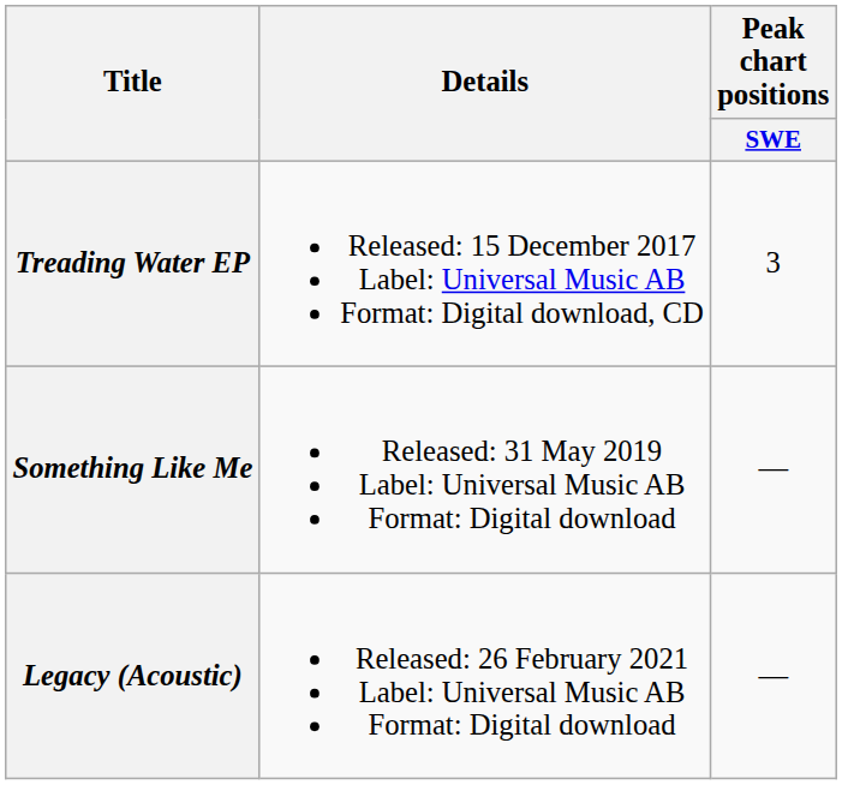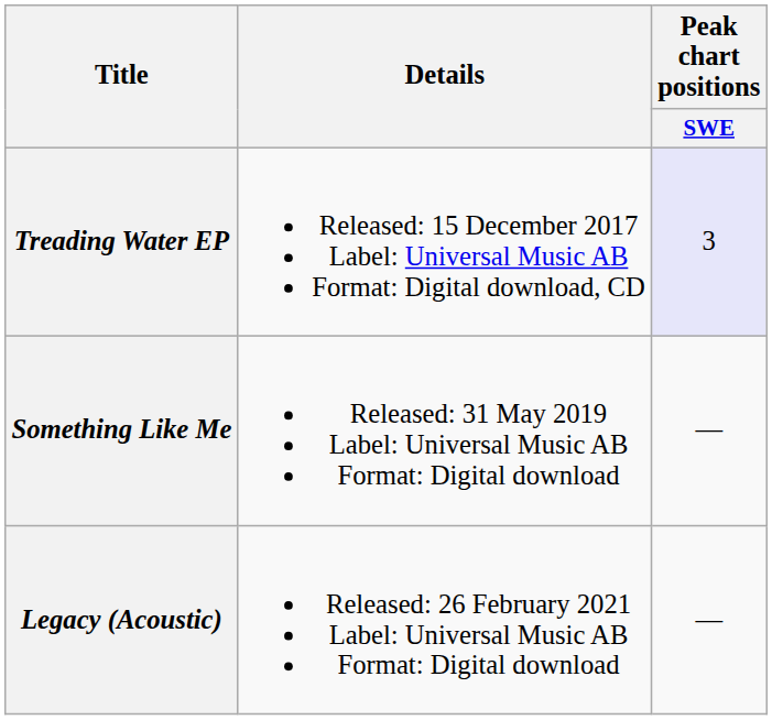 <table class="wikitable plainrowheaders" style="text-align:center;">
 <tr>
 <th scope="col" rowspan="2">Title</th>
 <th scope="col" rowspan="2">Details</th>
 <th scope="col" colspan="1">Peak chart positions</th>
 </tr>
 <tr>
 <th scope="col" style="width:3em;font-size:85%;"><a href='#'>SWE</a><br></th>
 </tr>
 <tr>
 <th scope="row"><em>Treading Water EP</em></th>
 <td><br><ul><li>Released: 15 December 2017</li><li>Label: <a href='#'>Universal Music AB</a></li><li>Format: Digital download, CD</li></ul></td>
-<td>3</td>
+<td style="background: lavender;">3</td>
 </tr>
 <tr>
 <th scope="row"><em>Something Like Me</em></th>
 <td><br><ul><li>Released: 31 May 2019</li><li>Label: Universal Music AB</li><li>Format: Digital download</li></ul></td>
 <td>—</td>
 </tr>
 <tr>
 <th scope="row"><em>Legacy (Acoustic)</em></th>
 <td><br><ul><li>Released: 26 February 2021</li><li>Label: Universal Music AB</li><li>Format: Digital download</li></ul></td>
 <td>—</td>
 </tr>
 </table>
